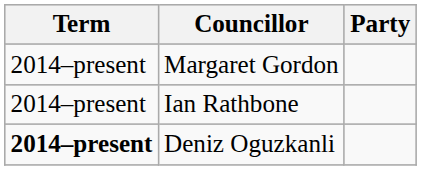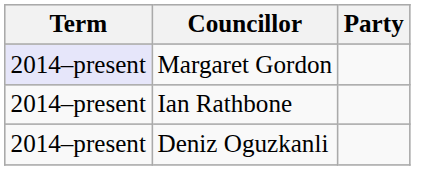 <table class="wikitable">
 <tr>
 <th>Term</th>
 <th>Councillor</th>
 <th colspan=2>Party</th>
 </tr>
 <tr>
-<td>2014–present</td>
+<td style="background: lavender;">2014–present</td>
 <td>Margaret Gordon</td>
 <td></td>
 </tr>
 <tr>
 <td>2014–present</td>
 <td>Ian Rathbone</td>
 <td></td>
 </tr>
 <tr>
-<td><strong>2014–present</strong></td>
+<td>2014–present</td>
 <td>Deniz Oguzkanli</td>
 <td></td>
 </tr>
 </table>
